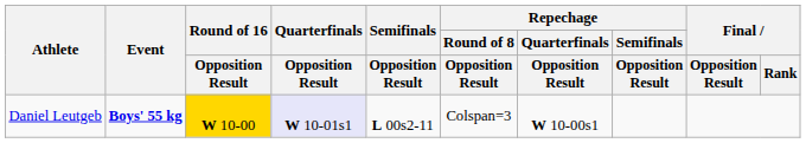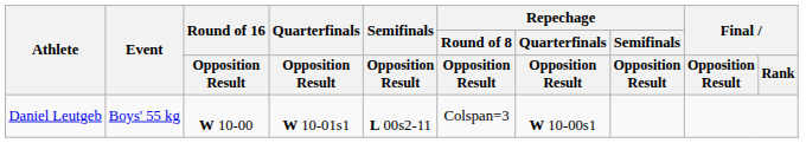 <table class=wikitable style="text-align:center; font-size:90%">
 <tr>
 <th rowspan="3">Athlete</th>
 <th rowspan="3">Event</th>
 <th rowspan="2">Round of 16</th>
 <th rowspan="2">Quarterfinals</th>
 <th rowspan="2">Semifinals</th>
 <th colspan="3">Repechage</th>
 <th rowspan="2" colspan="2">Final / </th>
 </tr>
 <tr>
 <th>Round of 8</th>
 <th>Quarterfinals</th>
 <th>Semifinals</th>
 </tr>
 <tr style="font-size:95%">
 <th>Opposition<br>Result</th>
 <th>Opposition<br>Result</th>
 <th>Opposition<br>Result</th>
 <th>Opposition<br>Result</th>
 <th>Opposition<br>Result</th>
 <th>Opposition<br>Result</th>
 <th>Opposition<br>Result</th>
 <th>Rank</th>
 </tr>
 <tr>
 <td align=left><a href='#'>Daniel Leutgeb</a></td>
-<td align=left><strong><a href='#'>Boys' 55 kg</a></strong></td>
-<td style="background: gold;"><br> <strong>W</strong> 10-00</td>
-<td style="background: lavender;"><br> <strong>W</strong> 10-01s1</td>
+<td align=left><a href='#'>Boys' 55 kg</a></td>
+<td><br> <strong>W</strong> 10-00</td>
+<td><br> <strong>W</strong> 10-01s1</td>
 <td><br> <strong>L</strong> 00s2-11</td>
 <td>Colspan=3 </td>
 <td><br> <strong>W</strong> 10-00s1</td>
 <td></td>
 </tr>
 </table>
